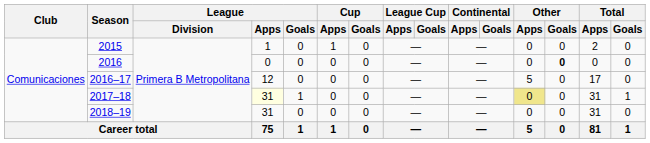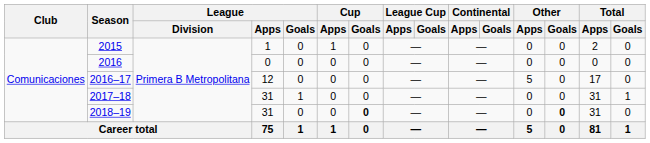 <table class="wikitable" style="text-align:center">
 <tr>
 <th rowspan="2">Club</th>
 <th rowspan="2">Season</th>
 <th colspan="3">League</th>
 <th colspan="2">Cup</th>
 <th colspan="2">League Cup</th>
 <th colspan="2">Continental</th>
 <th colspan="2">Other</th>
 <th colspan="2">Total</th>
 </tr>
 <tr>
 <th>Division</th>
 <th>Apps</th>
 <th>Goals</th>
 <th>Apps</th>
 <th>Goals</th>
 <th>Apps</th>
 <th>Goals</th>
 <th>Apps</th>
 <th>Goals</th>
 <th>Apps</th>
 <th>Goals</th>
 <th>Apps</th>
 <th>Goals</th>
 </tr>
 <tr>
 <td rowspan="5"><a href='#'>Comunicaciones</a></td>
 <td><a href='#'>2015</a></td>
 <td rowspan="5"><a href='#'>Primera B Metropolitana</a></td>
 <td>1</td>
 <td>0</td>
 <td>1</td>
 <td>0</td>
 <td colspan="2">—</td>
 <td colspan="2">—</td>
 <td>0</td>
 <td>0</td>
 <td>2</td>
 <td>0</td>
 </tr>
 <tr>
 <td><a href='#'>2016</a></td>
 <td>0</td>
 <td>0</td>
 <td>0</td>
 <td>0</td>
 <td colspan="2">—</td>
 <td colspan="2">—</td>
 <td>0</td>
-<td><strong>0</strong></td>
+<td>0</td>
 <td>0</td>
 <td>0</td>
 </tr>
 <tr>
 <td><a href='#'>2016–17</a></td>
 <td>12</td>
 <td>0</td>
 <td>0</td>
 <td>0</td>
 <td colspan="2">—</td>
 <td colspan="2">—</td>
 <td>5</td>
 <td>0</td>
 <td>17</td>
 <td>0</td>
 </tr>
 <tr>
 <td><a href='#'>2017–18</a></td>
-<td style="background: lightyellow;">31</td>
+<td>31</td>
 <td>1</td>
 <td>0</td>
 <td>0</td>
 <td colspan="2">—</td>
 <td colspan="2">—</td>
-<td style="background: khaki;">0</td>
+<td>0</td>
 <td>0</td>
 <td>31</td>
 <td>1</td>
 </tr>
 <tr>
 <td><a href='#'>2018–19</a></td>
 <td>31</td>
 <td>0</td>
 <td>0</td>
-<td>0</td>
+<td><strong>0</strong></td>
 <td colspan="2">—</td>
 <td colspan="2">—</td>
 <td>0</td>
-<td>0</td>
+<td><strong>0</strong></td>
 <td>31</td>
 <td>0</td>
 </tr>
 <tr>
 <th colspan="3">Career total</th>
 <th>75</th>
 <th>1</th>
 <th>1</th>
 <th>0</th>
 <th colspan="2">—</th>
 <th colspan="2">—</th>
 <th>5</th>
 <th>0</th>
 <th>81</th>
 <th>1</th>
 </tr>
 </table>
